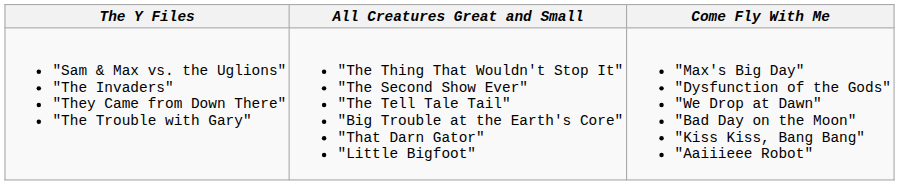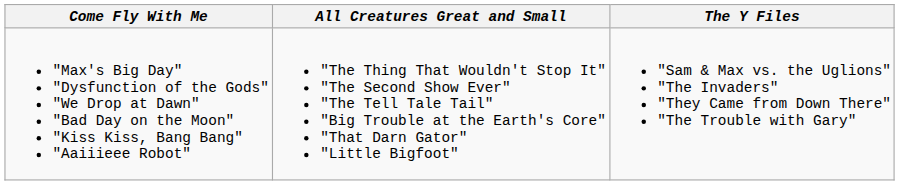 <table cellpadding="10" style="margin:auto;"  class="wikitable">
 <tr>
+<th><em>Come Fly With Me</em></th>
+<th><em>All Creatures Great and Small</em></th>
 <th><em>The Y Files</em></th>
-<th><em>All Creatures Great and Small</em></th>
-<th><em>Come Fly With Me</em></th>
 </tr>
 <tr>
+<td valign=top><br><ul><li>"Max's Big Day"</li><li>"Dysfunction of the Gods"</li><li>"We Drop at Dawn"</li><li>"Bad Day on the Moon"</li><li>"Kiss Kiss, Bang Bang"</li><li>"Aaiiieee Robot"</li></ul></td>
+<td valign=top><br><ul><li>"The Thing That Wouldn't Stop It"</li><li>"The Second Show Ever"</li><li>"The Tell Tale Tail"</li><li>"Big Trouble at the Earth's Core"</li><li>"That Darn Gator"</li><li>"Little Bigfoot"</li></ul></td>
 <td valign=top><br><ul><li>"Sam & Max vs. the Uglions"</li><li>"The Invaders"</li><li>"They Came from Down There"</li><li>"The Trouble with Gary"</li></ul></td>
-<td valign=top><br><ul><li>"The Thing That Wouldn't Stop It"</li><li>"The Second Show Ever"</li><li>"The Tell Tale Tail"</li><li>"Big Trouble at the Earth's Core"</li><li>"That Darn Gator"</li><li>"Little Bigfoot"</li></ul></td>
-<td valign=top><br><ul><li>"Max's Big Day"</li><li>"Dysfunction of the Gods"</li><li>"We Drop at Dawn"</li><li>"Bad Day on the Moon"</li><li>"Kiss Kiss, Bang Bang"</li><li>"Aaiiieee Robot"</li></ul></td>
 </tr>
 </table>
